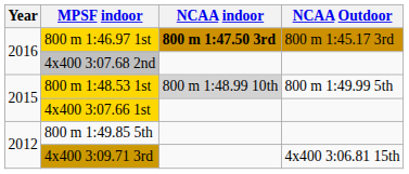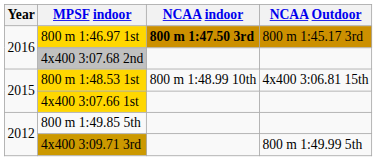 <table class="wikitable sortable">
 <tr>
 <th>Year</th>
 <th><a href='#'>MPSF</a> <a href='#'>indoor</a></th>
 <th><a href='#'>NCAA</a> <a href='#'>indoor</a></th>
 <th><a href='#'>NCAA</a> <a href='#'>Outdoor</a></th>
 </tr>
 <tr>
 <td Rowspan=2>2016</td>
 <td bgcolor=gold>800 m 1:46.97 1st</td>
 <td bgcolor=cc99000><strong>800 m 1:47.50 3rd</strong></td>
 <td bgcolor=cc99000>800 m 1:45.17 3rd</td>
 </tr>
 <tr>
 <td bgcolor=silver>4x400 3:07.68 2nd</td>
 <td></td>
 <td></td>
 </tr>
 <tr>
 <td Rowspan=2>2015</td>
 <td bgcolor=gold>800 m 1:48.53 1st</td>
-<td style="background: lightgrey;">800 m 1:48.99 10th</td>
-<td>800 m 1:49.99 5th</td>
+<td>800 m 1:48.99 10th</td>
+<td>4x400 3:06.81 15th</td>
 </tr>
 <tr>
 <td bgcolor=gold>4x400 3:07.66 1st</td>
 <td></td>
 <td></td>
 </tr>
 <tr>
 <td Rowspan=2>2012</td>
 <td>800 m 1:49.85 5th</td>
 <td></td>
 <td></td>
 </tr>
 <tr>
 <td bgcolor=cc9900>4x400 3:09.71 3rd</td>
 <td></td>
-<td>4x400 3:06.81 15th</td>
+<td>800 m 1:49.99 5th</td>
 </tr>
 </table>
